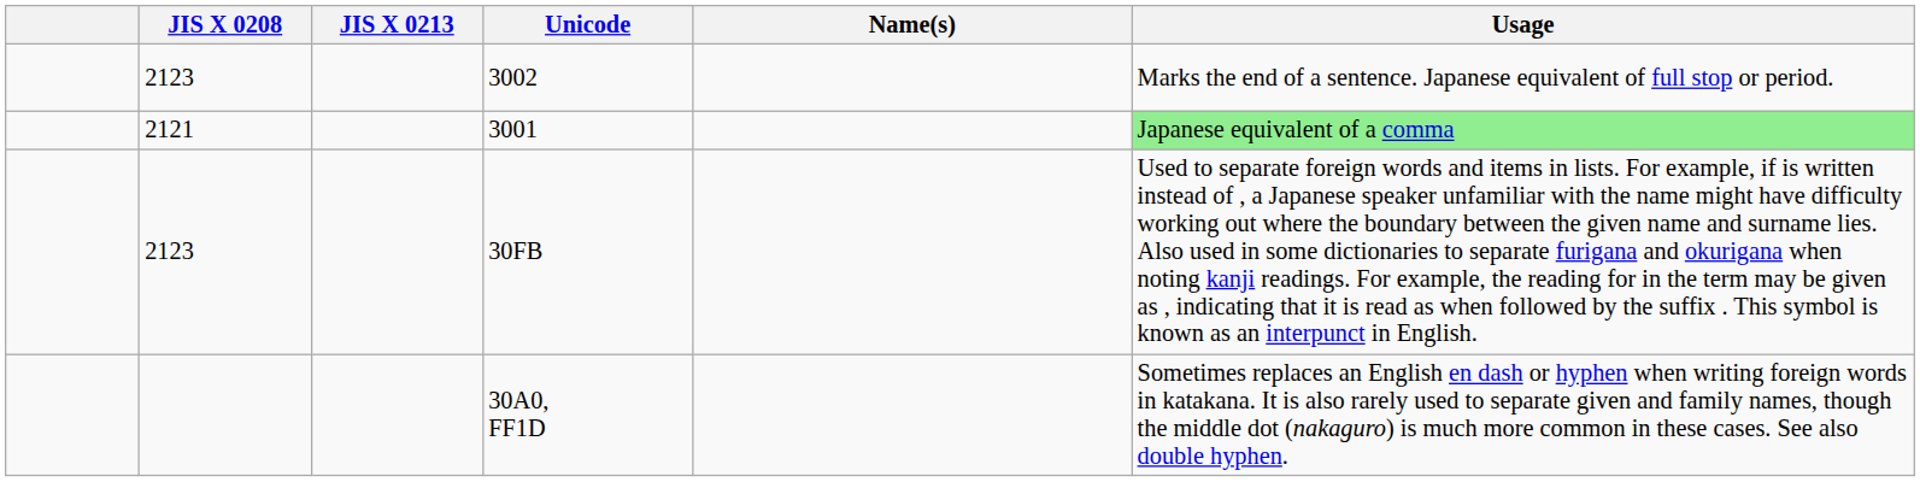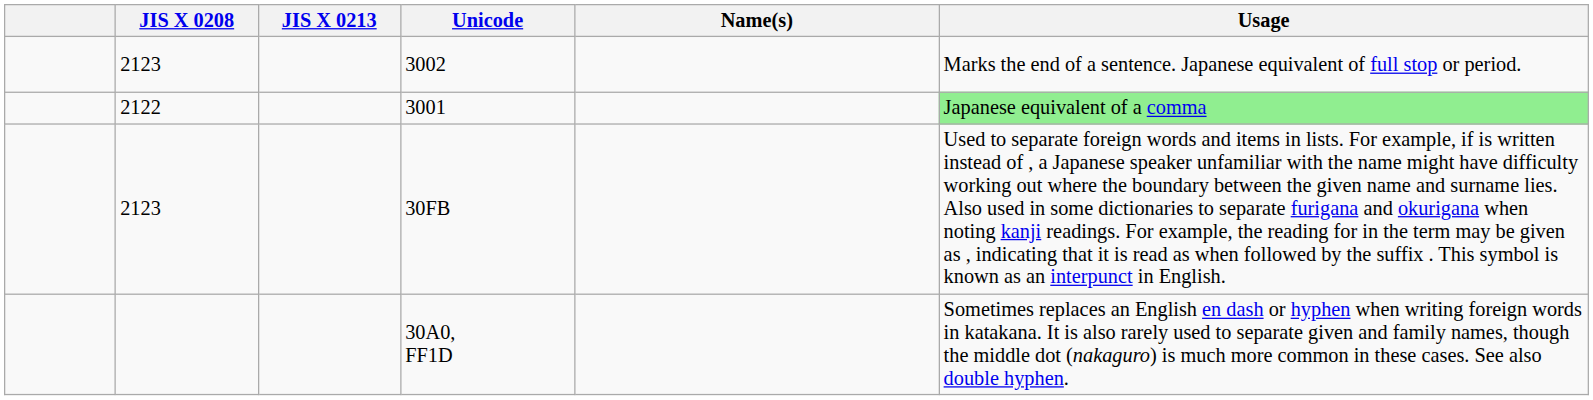 <table class="wikitable">
 <tr>
 <th style="width:7%"></th>
 <th style="width:9%"><a href='#'>JIS X 0208</a></th>
 <th style="width:9%"><a href='#'>JIS X 0213</a></th>
 <th style="width:11%"><a href='#'>Unicode</a></th>
 <th style="width:23%">Name(s)</th>
 <th style="width:41%">Usage</th>
 </tr>
 <tr>
 <td style="font-size: 2em;"></td>
 <td>2123</td>
 <td></td>
 <td>3002</td>
 <td><br><br> </td>
 <td>Marks the end of a sentence. Japanese equivalent of <a href='#'>full stop</a> or period.</td>
 </tr>
 <tr>
 <td style="font-size: 2em;"></td>
-<td>2121</td>
+<td>2122</td>
 <td></td>
 <td>3001</td>
 <td><br></td>
 <td style="background: lightgreen;">Japanese equivalent of a <a href='#'>comma</a></td>
 </tr>
 <tr>
 <td style="font-size: 2em;"></td>
 <td>2123</td>
 <td></td>
 <td>30FB</td>
 <td><br><br> <br> </td>
 <td>Used to separate foreign words and items in lists. For example, if  is written instead of , a Japanese speaker unfamiliar with the name might have difficulty working out where the boundary between the given name and surname lies. Also used in some dictionaries to separate <a href='#'>furigana</a> and <a href='#'>okurigana</a> when noting <a href='#'>kanji</a> readings. For example, the reading for  in the term  may be given as , indicating that it is read as  when followed by the suffix . This symbol is known as an <a href='#'>interpunct</a> in English.</td>
 </tr>
 <tr>
 <td style="font-size: 2em;"></td>
 <td></td>
 <td></td>
 <td>30A0,<br> FF1D</td>
 <td><br></td>
 <td>Sometimes replaces an English <a href='#'>en dash</a> or <a href='#'>hyphen</a> when writing foreign words in katakana. It is also rarely used to separate given and family names, though the middle dot (<em>nakaguro</em>) is much more common in these cases. See also <a href='#'>double hyphen</a>.</td>
 </tr>
 </table>
